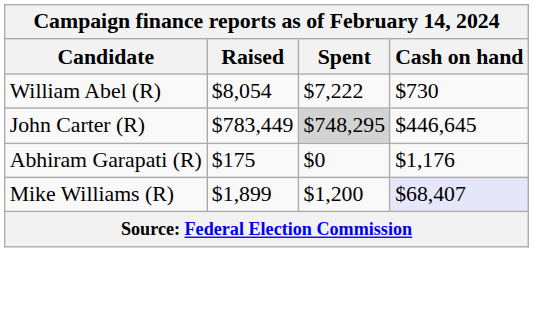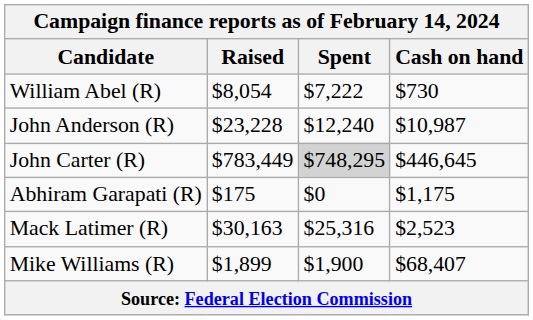 <table class="wikitable sortable">
 <tr>
 <th colspan=4>Campaign finance reports as of February 14, 2024</th>
 </tr>
 <tr style="text-align:center;">
 <th>Candidate</th>
 <th>Raised</th>
 <th>Spent</th>
 <th>Cash on hand</th>
 </tr>
 <tr>
 <td style="background-color:">William Abel (R)</td>
 <td>$8,054</td>
 <td>$7,222</td>
 <td>$730</td>
 </tr>
 <tr>
+<td style="background-color:">John Anderson (R)</td>
+<td>$23,228</td>
+<td>$12,240</td>
+<td>$10,987</td>
+</tr>
+<tr>
 <td style="background-color:">John Carter (R)</td>
 <td>$783,449</td>
 <td style="background: lightgrey;">$748,295</td>
 <td>$446,645</td>
 </tr>
 <tr>
 <td style="background-color:">Abhiram Garapati (R)</td>
 <td>$175</td>
 <td>$0</td>
-<td>$1,176</td>
+<td>$1,175</td>
+</tr>
+<tr>
+<td style="background-color:">Mack Latimer (R)</td>
+<td>$30,163</td>
+<td>$25,316</td>
+<td>$2,523</td>
 </tr>
 <tr>
 <td style="background-color:">Mike Williams (R)</td>
 <td>$1,899</td>
-<td>$1,200</td>
-<td style="background: lavender;">$68,407</td>
+<td>$1,900</td>
+<td>$68,407</td>
 </tr>
 <tr>
 <th colspan="4"><small>Source: <a href='#'>Federal Election Commission</a></small></th>
 </tr>
 </table>
